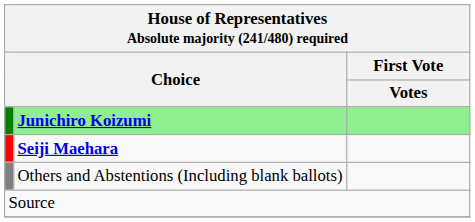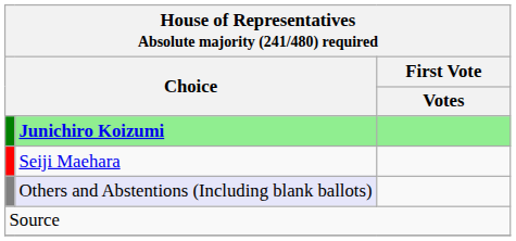 <table class="wikitable" style="font-size:90%;">
 <tr>
 <th colspan="4">House of Representatives <br><small>Absolute majority (241/480) required</small></th>
 </tr>
 <tr>
 <th align="left" rowspan="2" colspan="2" width="100">Choice</th>
 <th colspan="2">First Vote</th>
 </tr>
 <tr>
 <th width="100">Votes</th>
 </tr>
 <tr style="background:lightgreen;">
 <td width="1" bgcolor="green"></td>
 <td align="left"><strong><a href='#'>Junichiro Koizumi</a></strong></td>
 <td></td>
 </tr>
 <tr>
 <td bgcolor="red"></td>
-<td align="left"><strong><a href='#'>Seiji Maehara</a></strong></td>
+<td align="left"><a href='#'>Seiji Maehara</a></td>
 <td></td>
 </tr>
 <tr>
 <td bgcolor="gray"></td>
-<td align="left">Others and Abstentions (Including blank ballots)</td>
+<td align="left" style="background: lavender;">Others and Abstentions (Including blank ballots)</td>
 <td></td>
 </tr>
 <tr>
 <td colspan=3>Source </td>
 </tr>
 <tr>
 </tr>
 </table>
